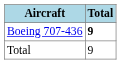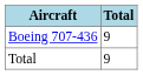 <table class="toccolours" border="1" cellpadding="3" style="border-collapse:collapse">
 <tr bgcolor=lightblue>
 <th>Aircraft</th>
 <th>Total</th>
 </tr>
 <tr>
 <td><a href='#'>Boeing 707-436</a></td>
-<td><strong>9</strong></td>
+<td>9</td>
 </tr>
 <tr>
 <td>Total</td>
 <td>9</td>
 </tr>
 </table>
